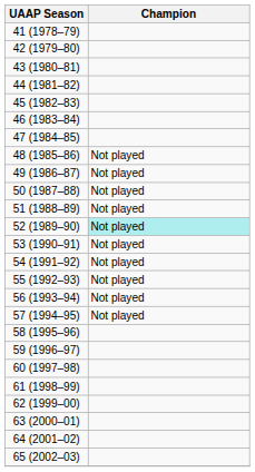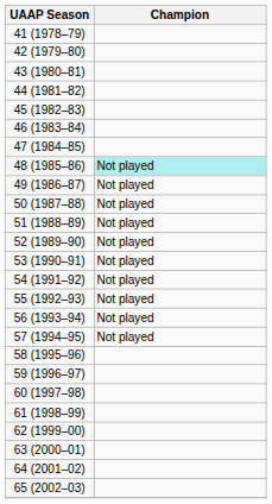 <table class="wikitable" style="font-size:90%;">
 <tr>
 <th width=100px><strong>UAAP Season</strong></th>
 <th width=200px><strong>Champion</strong></th>
 </tr>
 <tr>
 <td align=center>41 (1978–79)</td>
 <td></td>
 </tr>
 <tr>
 <td align=center>42 (1979–80)</td>
 <td></td>
 </tr>
 <tr>
 <td align=center>43 (1980–81)</td>
 <td></td>
 </tr>
 <tr>
 <td align=center>44 (1981–82)</td>
 <td></td>
 </tr>
 <tr>
 <td align=center>45 (1982–83)</td>
 <td></td>
 </tr>
 <tr>
 <td align=center>46 (1983–84)</td>
 <td></td>
 </tr>
 <tr>
 <td align=center>47 (1984–85)</td>
 <td></td>
 </tr>
 <tr>
 <td align=center>48 (1985–86)</td>
-<td>Not played</td>
+<td style="background: paleturquoise;">Not played</td>
 </tr>
 <tr>
 <td align=center>49 (1986–87)</td>
 <td>Not played</td>
 </tr>
 <tr>
 <td align=center>50 (1987–88)</td>
 <td>Not played</td>
 </tr>
 <tr>
 <td align=center>51 (1988–89)</td>
 <td>Not played</td>
 </tr>
 <tr>
 <td align=center>52 (1989–90)</td>
-<td style="background: paleturquoise;">Not played</td>
+<td>Not played</td>
 </tr>
 <tr>
 <td align=center>53 (1990–91)</td>
 <td>Not played</td>
 </tr>
 <tr>
 <td align=center>54 (1991–92)</td>
 <td>Not played</td>
 </tr>
 <tr>
 <td align=center>55 (1992–93)</td>
 <td>Not played</td>
 </tr>
 <tr>
 <td align=center>56 (1993–94)</td>
 <td>Not played</td>
 </tr>
 <tr>
 <td align=center>57 (1994–95)</td>
 <td>Not played</td>
 </tr>
 <tr>
 <td align=center>58 (1995–96)</td>
 <td></td>
 </tr>
 <tr>
 <td align=center>59 (1996–97)</td>
 <td></td>
 </tr>
 <tr>
 <td align=center>60 (1997–98)</td>
 <td></td>
 </tr>
 <tr>
 <td align=center>61 (1998–99)</td>
 <td></td>
 </tr>
 <tr>
 <td align=center>62 (1999–00)</td>
 <td></td>
 </tr>
 <tr>
 <td align=center>63 (2000–01)</td>
 <td></td>
 </tr>
 <tr>
 <td align=center>64 (2001–02)</td>
 <td></td>
 </tr>
 <tr>
 <td align=center>65 (2002–03)</td>
 <td></td>
 </tr>
 <tr>
 </tr>
 </table>
